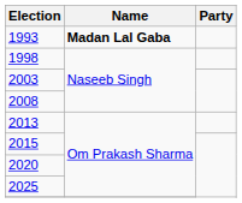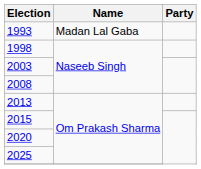 <table class="wikitable sortable">
 <tr>
 <th>Election</th>
 <th>Name</th>
 <th colspan=2>Party</th>
 </tr>
 <tr>
 <td><a href='#'>1993</a></td>
-<td><strong>Madan Lal Gaba</strong></td>
+<td>Madan Lal Gaba</td>
 <td></td>
 </tr>
 <tr>
 <td><a href='#'>1998</a></td>
 <td rowspan="3"><a href='#'>Naseeb Singh</a></td>
 <td></td>
 </tr>
 <tr>
 <td><a href='#'>2003</a></td>
 </tr>
 <tr>
 <td><a href='#'>2008</a></td>
 </tr>
 <tr>
 <td><a href='#'>2013</a></td>
 <td rowspan="4"><a href='#'>Om Prakash Sharma</a></td>
 <td></td>
 </tr>
 <tr>
 <td><a href='#'>2015</a></td>
 </tr>
 <tr>
 <td><a href='#'>2020</a></td>
 </tr>
 <tr>
 <td><a href='#'>2025</a></td>
 </tr>
 <tr>
 </tr>
 </table>
